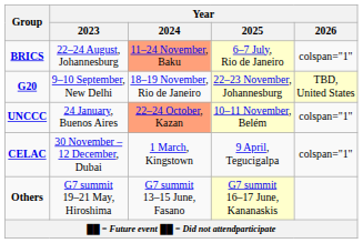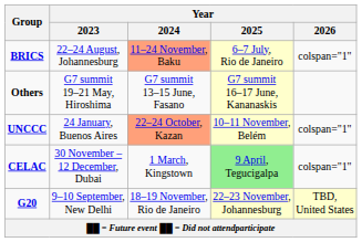 <table class="wikitable" style="margin:1em auto; font-size:85%; text-align:center;">
 <tr>
 <th rowspan="2">Group</th>
 <th colspan="4">Year</th>
 </tr>
 <tr>
 <th>2023</th>
 <th>2024</th>
 <th>2025</th>
 <th>2026</th>
 </tr>
 <tr>
 <td><strong><a href='#'>BRICS</a></strong></td>
 <td><a href='#'>22–24 August</a>,<br> Johannesburg</td>
 <td style="background:#ffa07a;"><a href='#'>11–24 November</a>,<br> Baku</td>
 <td style="background:#FFFFCC;"><a href='#'>6–7 July</a>,<br> Rio de Janeiro</td>
 <td>colspan="1" </td>
 </tr>
 <tr>
-<td><strong><a href='#'>G20</a></strong></td>
-<td><a href='#'>9–10 September</a>,<br> New Delhi</td>
-<td><a href='#'>18–19 November</a>,<br> Rio de Janeiro</td>
-<td style="background:#FFFFCC;"><a href='#'>22–23 November</a>,<br> Johannesburg</td>
-<td style="background:#FFFFCC;">TBD,<br> United States</td>
+<td><strong>Others</strong></td>
+<td><a href='#'>G7 summit</a><br>19–21 May,<br> Hiroshima</td>
+<td><a href='#'>G7 summit</a><br>13–15 June,<br> Fasano</td>
+<td style="background:#FFFFCC;"><a href='#'>G7 summit</a><br>16–17 June,<br> Kananaskis</td>
+<td></td>
 </tr>
 <tr>
 <td><strong><a href='#'>UNCCC</a></strong></td>
 <td><a href='#'>24 January</a>,<br> Buenos Aires</td>
 <td style="background:#ffa07a;"><a href='#'>22–24 October</a>,<br> Kazan</td>
 <td style="background:#FFFFCC;"><a href='#'>10–11 November</a>,<br> Belém</td>
 <td>colspan="1" </td>
 </tr>
 <tr>
 <td><strong><a href='#'>CELAC</a></strong></td>
 <td><a href='#'>30 November –<br>12 December</a>,<br> Dubai</td>
 <td><a href='#'>1 March</a>,<br> Kingstown</td>
-<td><a href='#'>9 April</a>,<br> Tegucigalpa</td>
+<td style="background: lightgreen;"><a href='#'>9 April</a>,<br> Tegucigalpa</td>
 <td>colspan="1" </td>
 </tr>
 <tr>
-<td><strong>Others</strong></td>
-<td><a href='#'>G7 summit</a><br>19–21 May,<br> Hiroshima</td>
-<td><a href='#'>G7 summit</a><br>13–15 June,<br> Fasano</td>
-<td style="background:#FFFFCC;"><a href='#'>G7 summit</a><br>16–17 June,<br> Kananaskis</td>
-<td></td>
+<td><strong><a href='#'>G20</a></strong></td>
+<td><a href='#'>9–10 September</a>,<br> New Delhi</td>
+<td><a href='#'>18–19 November</a>,<br> Rio de Janeiro</td>
+<td style="background:#FFFFCC;"><a href='#'>22–23 November</a>,<br> Johannesburg</td>
+<td style="background:#FFFFCC;">TBD,<br> United States</td>
 </tr>
 <tr>
 <th colspan="5"><small><span>██</span> = <em>Future event</em></small> <small><em><span>██</span> = Did not attendparticipate</em></small></th>
 </tr>
 </table>
